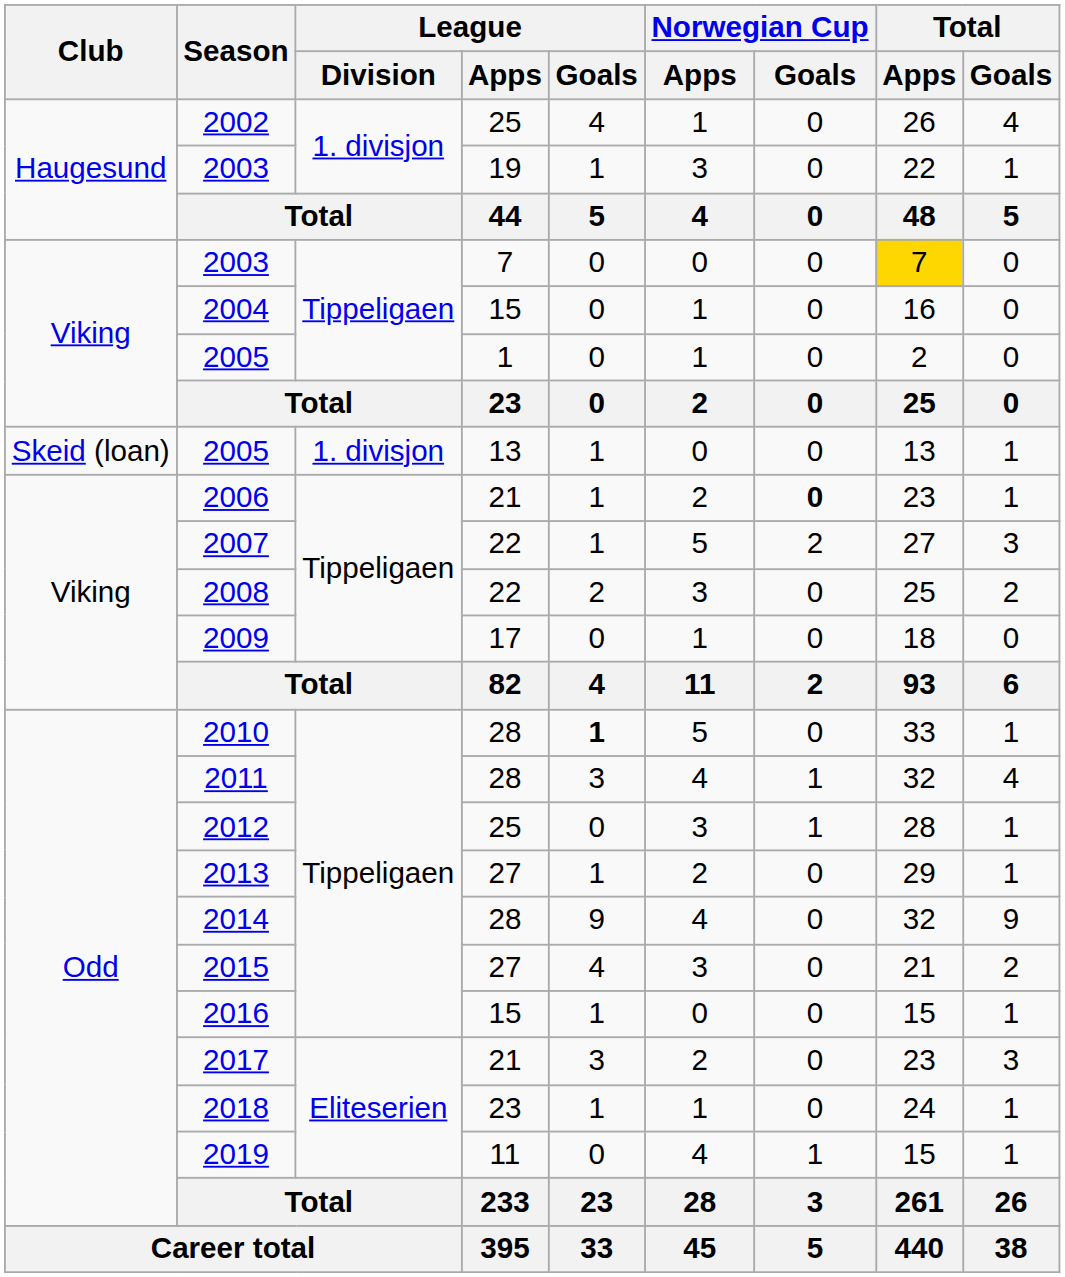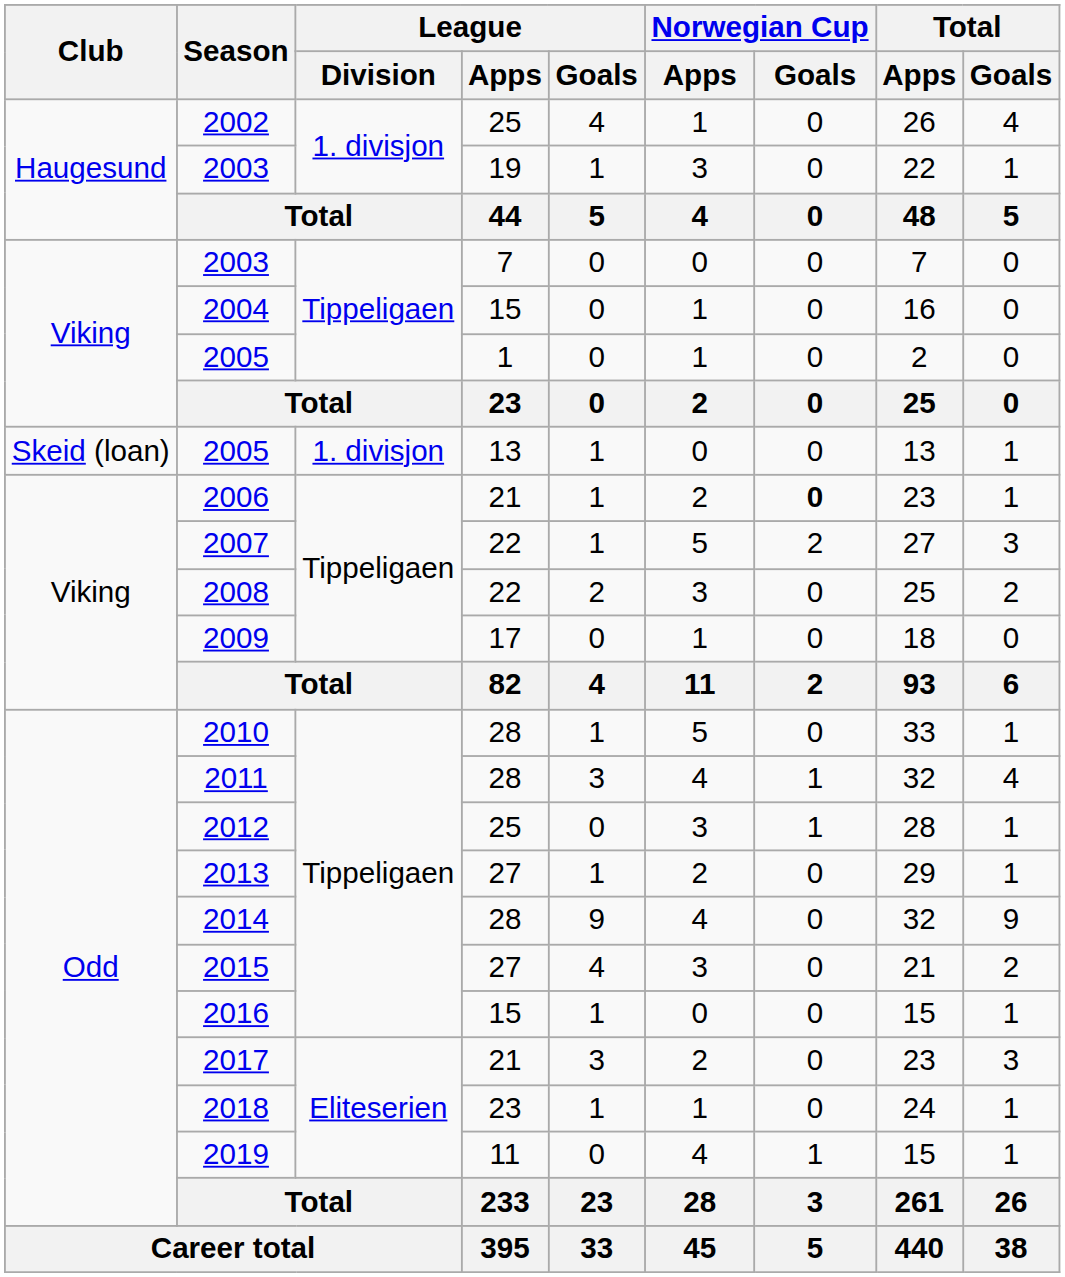 <table class="wikitable" style="text-align:center">
 <tr>
 <th rowspan="2">Club</th>
 <th rowspan="2">Season</th>
 <th colspan="3">League</th>
 <th colspan="2"><a href='#'>Norwegian Cup</a></th>
 <th colspan="2">Total</th>
 </tr>
 <tr>
 <th>Division</th>
 <th>Apps</th>
 <th>Goals</th>
 <th>Apps</th>
 <th>Goals</th>
 <th>Apps</th>
 <th>Goals</th>
 </tr>
 <tr>
 <td rowspan="3"><a href='#'>Haugesund</a></td>
 <td><a href='#'>2002</a></td>
 <td rowspan="2"><a href='#'>1. divisjon</a></td>
 <td>25</td>
 <td>4</td>
 <td>1</td>
 <td>0</td>
 <td>26</td>
 <td>4</td>
 </tr>
 <tr>
 <td><a href='#'>2003</a></td>
 <td>19</td>
 <td>1</td>
 <td>3</td>
 <td>0</td>
 <td>22</td>
 <td>1</td>
 </tr>
 <tr>
 <th colspan="2">Total</th>
 <th>44</th>
 <th>5</th>
 <th>4</th>
 <th>0</th>
 <th>48</th>
 <th>5</th>
 </tr>
 <tr>
 <td rowspan="4"><a href='#'>Viking</a></td>
 <td><a href='#'>2003</a></td>
 <td rowspan="3"><a href='#'>Tippeligaen</a></td>
 <td>7</td>
 <td>0</td>
 <td>0</td>
 <td>0</td>
-<td style="background: gold;">7</td>
+<td>7</td>
 <td>0</td>
 </tr>
 <tr>
 <td><a href='#'>2004</a></td>
 <td>15</td>
 <td>0</td>
 <td>1</td>
 <td>0</td>
 <td>16</td>
 <td>0</td>
 </tr>
 <tr>
 <td><a href='#'>2005</a></td>
 <td>1</td>
 <td>0</td>
 <td>1</td>
 <td>0</td>
 <td>2</td>
 <td>0</td>
 </tr>
 <tr>
 <th colspan="2">Total</th>
 <th>23</th>
 <th>0</th>
 <th>2</th>
 <th>0</th>
 <th>25</th>
 <th>0</th>
 </tr>
 <tr>
 <td><a href='#'>Skeid</a> (loan)</td>
 <td><a href='#'>2005</a></td>
 <td><a href='#'>1. divisjon</a></td>
 <td>13</td>
 <td>1</td>
 <td>0</td>
 <td>0</td>
 <td>13</td>
 <td>1</td>
 </tr>
 <tr>
 <td rowspan="5">Viking</td>
 <td><a href='#'>2006</a></td>
 <td rowspan="4">Tippeligaen</td>
 <td>21</td>
 <td>1</td>
 <td>2</td>
 <td><strong>0</strong></td>
 <td>23</td>
 <td>1</td>
 </tr>
 <tr>
 <td><a href='#'>2007</a></td>
 <td>22</td>
 <td>1</td>
 <td>5</td>
 <td>2</td>
 <td>27</td>
 <td>3</td>
 </tr>
 <tr>
 <td><a href='#'>2008</a></td>
 <td>22</td>
 <td>2</td>
 <td>3</td>
 <td>0</td>
 <td>25</td>
 <td>2</td>
 </tr>
 <tr>
 <td><a href='#'>2009</a></td>
 <td>17</td>
 <td>0</td>
 <td>1</td>
 <td>0</td>
 <td>18</td>
 <td>0</td>
 </tr>
 <tr>
 <th colspan="2">Total</th>
 <th>82</th>
 <th>4</th>
 <th>11</th>
 <th>2</th>
 <th>93</th>
 <th>6</th>
 </tr>
 <tr>
 <td rowspan="11"><a href='#'>Odd</a></td>
 <td><a href='#'>2010</a></td>
 <td rowspan="7">Tippeligaen</td>
 <td>28</td>
-<td><strong>1</strong></td>
+<td>1</td>
 <td>5</td>
 <td>0</td>
 <td>33</td>
 <td>1</td>
 </tr>
 <tr>
 <td><a href='#'>2011</a></td>
 <td>28</td>
 <td>3</td>
 <td>4</td>
 <td>1</td>
 <td>32</td>
 <td>4</td>
 </tr>
 <tr>
 <td><a href='#'>2012</a></td>
 <td>25</td>
 <td>0</td>
 <td>3</td>
 <td>1</td>
 <td>28</td>
 <td>1</td>
 </tr>
 <tr>
 <td><a href='#'>2013</a></td>
 <td>27</td>
 <td>1</td>
 <td>2</td>
 <td>0</td>
 <td>29</td>
 <td>1</td>
 </tr>
 <tr>
 <td><a href='#'>2014</a></td>
 <td>28</td>
 <td>9</td>
 <td>4</td>
 <td>0</td>
 <td>32</td>
 <td>9</td>
 </tr>
 <tr>
 <td><a href='#'>2015</a></td>
 <td>27</td>
 <td>4</td>
 <td>3</td>
 <td>0</td>
 <td>21</td>
 <td>2</td>
 </tr>
 <tr>
 <td><a href='#'>2016</a></td>
 <td>15</td>
 <td>1</td>
 <td>0</td>
 <td>0</td>
 <td>15</td>
 <td>1</td>
 </tr>
 <tr>
 <td><a href='#'>2017</a></td>
 <td rowspan="3"><a href='#'>Eliteserien</a></td>
 <td>21</td>
 <td>3</td>
 <td>2</td>
 <td>0</td>
 <td>23</td>
 <td>3</td>
 </tr>
 <tr>
 <td><a href='#'>2018</a></td>
 <td>23</td>
 <td>1</td>
 <td>1</td>
 <td>0</td>
 <td>24</td>
 <td>1</td>
 </tr>
 <tr>
 <td><a href='#'>2019</a></td>
 <td>11</td>
 <td>0</td>
 <td>4</td>
 <td>1</td>
 <td>15</td>
 <td>1</td>
 </tr>
 <tr>
 <th colspan="2">Total</th>
 <th>233</th>
 <th>23</th>
 <th>28</th>
 <th>3</th>
 <th>261</th>
 <th>26</th>
 </tr>
 <tr>
 <th colspan="3">Career total</th>
 <th>395</th>
 <th>33</th>
 <th>45</th>
 <th>5</th>
 <th>440</th>
 <th>38</th>
 </tr>
 </table>
